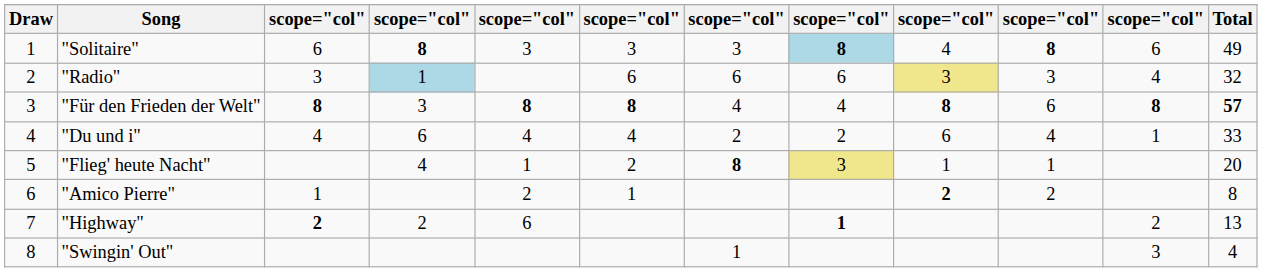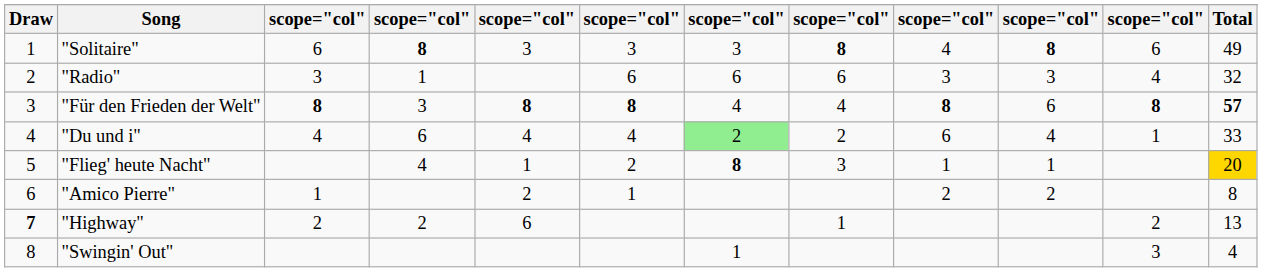 <table class="wikitable plainrowheaders" style="margin: 1em auto 1em auto; text-align:center;">
 <tr>
 </tr>
 <tr>
 <th scope="col">Draw</th>
 <th scope="col">Song</th>
 <th>scope="col" </th>
 <th>scope="col" </th>
 <th>scope="col" </th>
 <th>scope="col" </th>
 <th>scope="col" </th>
 <th>scope="col" </th>
 <th>scope="col" </th>
 <th>scope="col" </th>
 <th>scope="col" </th>
 <th scope="col">Total</th>
 </tr>
 <tr>
 <td>1</td>
 <td align="left">"Solitaire"</td>
 <td>6</td>
 <td><strong>8</strong></td>
 <td>3</td>
 <td>3</td>
 <td>3</td>
-<td style="background: lightblue;"><strong>8</strong></td>
+<td><strong>8</strong></td>
 <td>4</td>
 <td><strong>8</strong></td>
 <td>6</td>
 <td>49</td>
 </tr>
 <tr>
 <td>2</td>
 <td align="left">"Radio"</td>
 <td>3</td>
-<td style="background: lightblue;">1</td>
+<td>1</td>
 <td></td>
 <td>6</td>
 <td>6</td>
 <td>6</td>
-<td style="background: khaki;">3</td>
+<td>3</td>
 <td>3</td>
 <td>4</td>
 <td>32</td>
 </tr>
 <tr>
 <td>3</td>
 <td align="left">"Für den Frieden der Welt"</td>
 <td><strong>8</strong></td>
 <td>3</td>
 <td><strong>8</strong></td>
 <td><strong>8</strong></td>
 <td>4</td>
 <td>4</td>
 <td><strong>8</strong></td>
 <td>6</td>
 <td><strong>8</strong></td>
 <td><strong>57</strong></td>
 </tr>
 <tr>
 <td>4</td>
 <td align="left">"Du und i"</td>
 <td>4</td>
 <td>6</td>
 <td>4</td>
 <td>4</td>
-<td>2</td>
+<td style="background: lightgreen;">2</td>
 <td>2</td>
 <td>6</td>
 <td>4</td>
 <td>1</td>
 <td>33</td>
 </tr>
 <tr>
 <td>5</td>
 <td align="left">"Flieg' heute Nacht"</td>
 <td></td>
 <td>4</td>
 <td>1</td>
 <td>2</td>
 <td><strong>8</strong></td>
-<td style="background: khaki;">3</td>
+<td>3</td>
 <td>1</td>
 <td>1</td>
 <td></td>
-<td>20</td>
+<td style="background: gold;">20</td>
 </tr>
 <tr>
 <td>6</td>
 <td align="left">"Amico Pierre"</td>
 <td>1</td>
 <td></td>
 <td>2</td>
 <td>1</td>
 <td></td>
 <td></td>
-<td><strong>2</strong></td>
+<td>2</td>
 <td>2</td>
 <td></td>
 <td>8</td>
 </tr>
 <tr>
-<td>7</td>
+<td><strong>7</strong></td>
 <td align="left">"Highway"</td>
-<td><strong>2</strong></td>
+<td>2</td>
 <td>2</td>
 <td>6</td>
 <td></td>
 <td></td>
-<td><strong>1</strong></td>
+<td>1</td>
 <td></td>
 <td></td>
 <td>2</td>
 <td>13</td>
 </tr>
 <tr>
 <td>8</td>
 <td align="left">"Swingin' Out"</td>
 <td></td>
 <td></td>
 <td></td>
 <td></td>
 <td>1</td>
 <td></td>
 <td></td>
 <td></td>
 <td>3</td>
 <td>4</td>
 </tr>
 </table>
